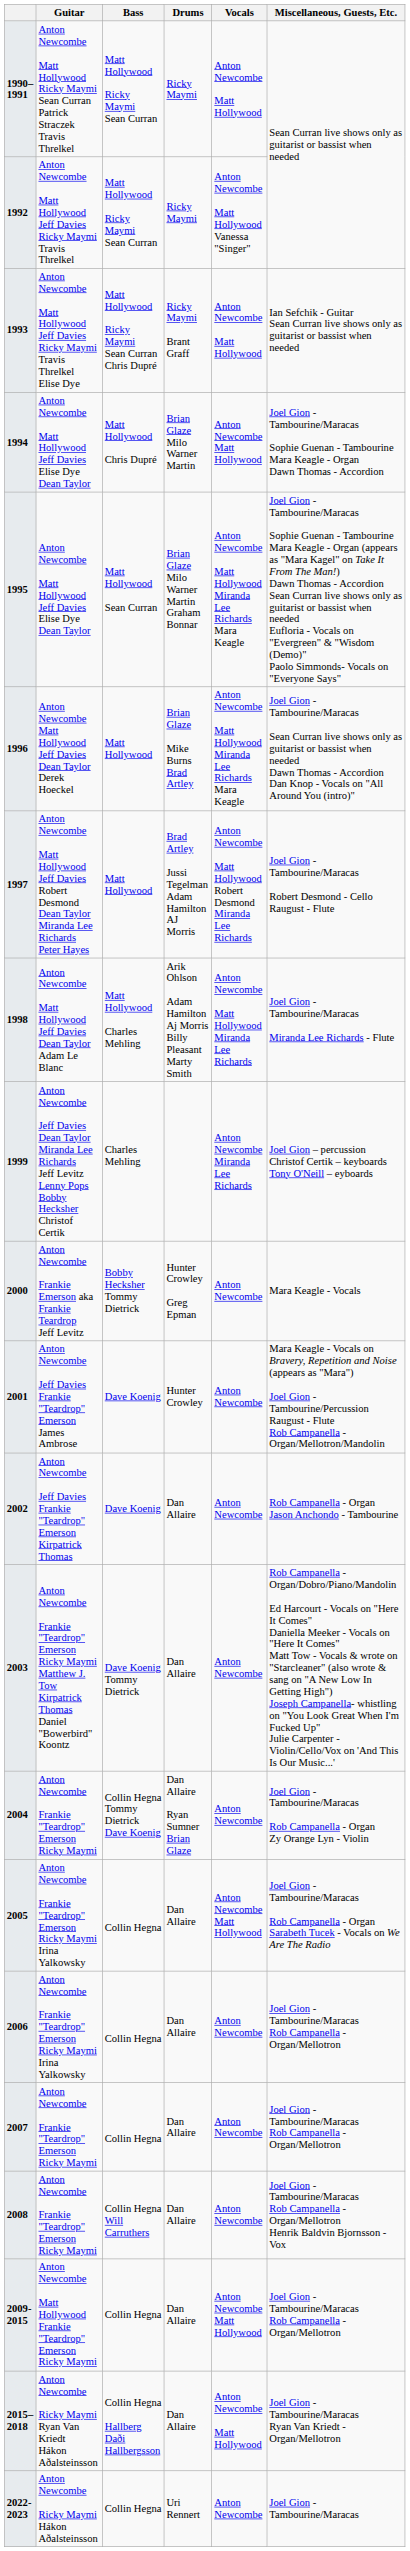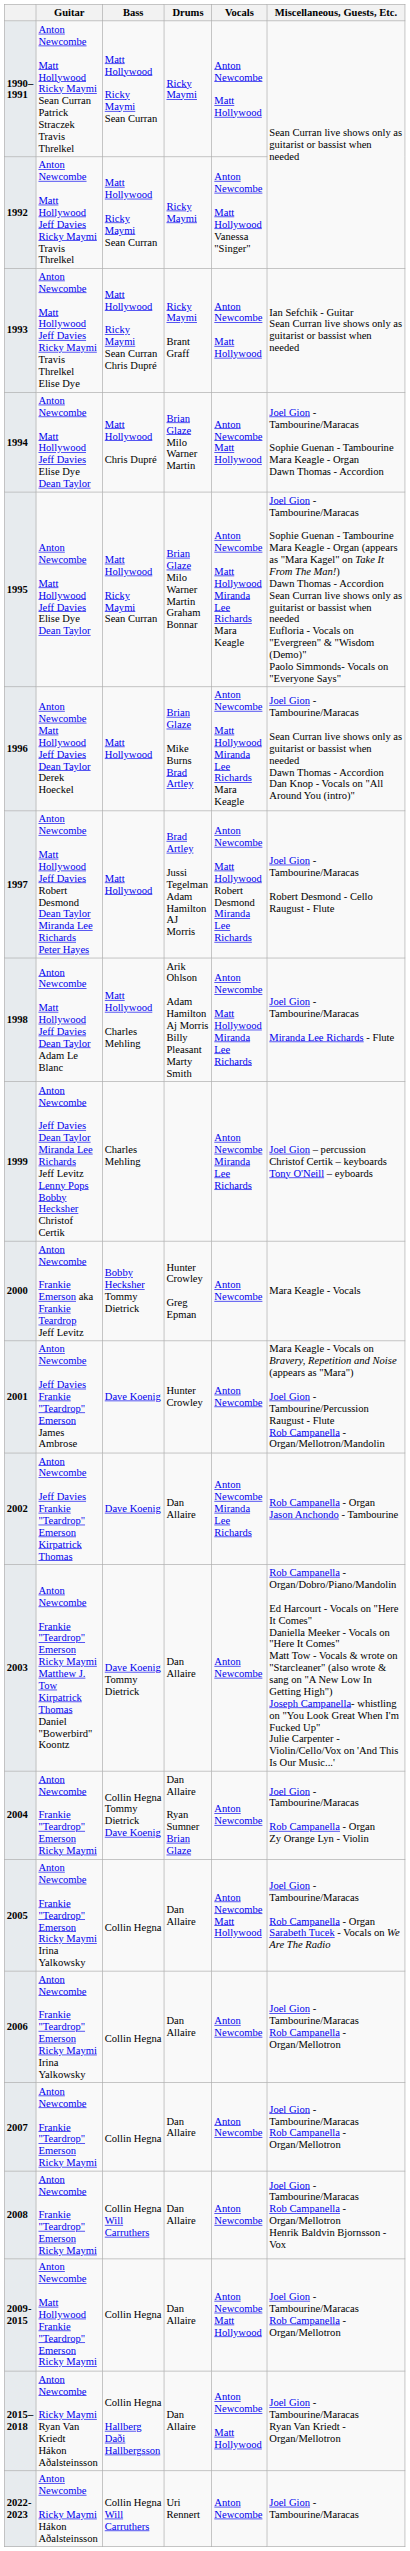 <table class="wikitable">
 <tr>
 <th bgcolor="#E7EBEE"></th>
 <th bgcolor="#E7EBEE">Guitar</th>
 <th bgcolor="#E7EBEE">Bass</th>
 <th bgcolor="#E7EBEE">Drums</th>
 <th bgcolor="#E7EBEE">Vocals</th>
 <th bgcolor="#E7EBEE">Miscellaneous, Guests, Etc.</th>
 </tr>
 <tr>
 <td bgcolor="#E7EBEE"><strong>1990–1991</strong></td>
 <td><a href='#'>Anton Newcombe</a><br><br><a href='#'>Matt Hollywood</a><br> <a href='#'>Ricky Maymi</a><br> Sean Curran<br> Patrick Straczek<br> Travis Threlkel</td>
 <td><a href='#'>Matt Hollywood</a><br><br><a href='#'>Ricky Maymi</a><br> Sean Curran<br></td>
 <td><a href='#'>Ricky Maymi</a></td>
 <td><a href='#'>Anton Newcombe</a><br><br><a href='#'>Matt Hollywood</a></td>
 <td rowspan="2">Sean Curran live shows only as guitarist or bassist when needed</td>
 </tr>
 <tr>
 <td bgcolor="#E7EBEE"><strong>1992</strong></td>
 <td><a href='#'>Anton Newcombe</a><br><br><a href='#'>Matt Hollywood</a><br> <a href='#'>Jeff Davies</a><br> <a href='#'>Ricky Maymi</a><br> Travis Threlkel</td>
 <td><a href='#'>Matt Hollywood</a><br><br><a href='#'>Ricky Maymi</a> <br>Sean Curran<br></td>
 <td><a href='#'>Ricky Maymi</a></td>
 <td><a href='#'>Anton Newcombe</a><br><br><a href='#'>Matt Hollywood</a> Vanessa "Singer"</td>
 </tr>
 <tr>
 <td bgcolor="#E7EBEE"><strong>1993</strong></td>
 <td><a href='#'>Anton Newcombe</a><br><br><a href='#'>Matt Hollywood</a><br> <a href='#'>Jeff Davies</a><br> <a href='#'>Ricky Maymi</a><br> Travis Threlkel<br> Elise Dye</td>
 <td><a href='#'>Matt Hollywood</a><br><br><a href='#'>Ricky Maymi</a><br> Sean Curran<br> Chris Dupré</td>
 <td><a href='#'>Ricky Maymi</a><br><br>Brant Graff</td>
 <td><a href='#'>Anton Newcombe</a><br><br><a href='#'>Matt Hollywood</a></td>
 <td>Ian Sefchik - Guitar<br> Sean Curran live shows only as guitarist or bassist when needed</td>
 </tr>
 <tr>
 <td bgcolor="#E7EBEE"><strong>1994</strong></td>
 <td><a href='#'>Anton Newcombe</a><br><br><a href='#'>Matt Hollywood</a><br> <a href='#'>Jeff Davies</a><br> Elise Dye<br> <a href='#'>Dean Taylor</a></td>
 <td><a href='#'>Matt Hollywood</a><br><br>Chris Dupré</td>
 <td><a href='#'>Brian Glaze</a><br>Milo Warner Martin</td>
 <td><a href='#'>Anton Newcombe</a><br><a href='#'>Matt Hollywood</a><br></td>
 <td><a href='#'>Joel Gion</a> - Tambourine/Maracas<br><br>Sophie Guenan - Tambourine<br> Mara Keagle - Organ<br> Dawn Thomas - Accordion</td>
 </tr>
 <tr>
 <td bgcolor="#E7EBEE"><strong>1995</strong></td>
 <td><a href='#'>Anton Newcombe</a><br><br><a href='#'>Matt Hollywood</a><br> <a href='#'>Jeff Davies</a><br> Elise Dye<br> <a href='#'>Dean Taylor</a><br></td>
-<td><a href='#'>Matt Hollywood</a><br><br>Sean Curran<br></td>
+<td><a href='#'>Matt Hollywood</a><br><br><a href='#'>Ricky Maymi</a> <br>Sean Curran<br></td>
 <td><a href='#'>Brian Glaze</a><br>Milo Warner Martin<br>Graham Bonnar</td>
 <td><a href='#'>Anton Newcombe</a><br><br><a href='#'>Matt Hollywood</a><br> <a href='#'>Miranda Lee Richards</a><br> Mara Keagle</td>
 <td><a href='#'>Joel Gion</a> - Tambourine/Maracas<br><br>Sophie Guenan - Tambourine<br> Mara Keagle - Organ (appears as "Mara Kagel" on <em>Take It From The Man!</em>)<br> Dawn Thomas - Accordion<br> Sean Curran live shows only as guitarist or bassist when needed<br> Eufloria - Vocals on "Evergreen" & "Wisdom (Demo)"<br> Paolo Simmonds- Vocals on "Everyone Says"</td>
 </tr>
 <tr>
 <td bgcolor="#E7EBEE"><strong>1996</strong></td>
 <td><a href='#'>Anton Newcombe</a><br><a href='#'>Matt Hollywood</a><br> <a href='#'>Jeff Davies</a><br> <a href='#'>Dean Taylor</a><br> Derek Hoeckel</td>
 <td><a href='#'>Matt Hollywood</a></td>
 <td><a href='#'>Brian Glaze</a><br><br>Mike Burns<br> <a href='#'>Brad Artley</a></td>
 <td><a href='#'>Anton Newcombe</a><br><br><a href='#'>Matt Hollywood</a><br> <a href='#'>Miranda Lee Richards</a><br> Mara Keagle</td>
 <td><a href='#'>Joel Gion</a> - Tambourine/Maracas<br><br>Sean Curran live shows only as guitarist or bassist when needed<br> Dawn Thomas - Accordion<br> Dan Knop - Vocals on "All Around You (intro)"</td>
 </tr>
 <tr>
 <td bgcolor="#E7EBEE"><strong>1997</strong></td>
 <td><a href='#'>Anton Newcombe</a><br><br><a href='#'>Matt Hollywood</a><br> <a href='#'>Jeff Davies</a><br> Robert Desmond<br> <a href='#'>Dean Taylor</a><br> <a href='#'>Miranda Lee Richards</a><br> <a href='#'>Peter Hayes</a><br></td>
 <td><a href='#'>Matt Hollywood</a></td>
 <td><a href='#'>Brad Artley</a><br><br>Jussi Tegelman<br> Adam Hamilton AJ Morris</td>
 <td><a href='#'>Anton Newcombe</a><br><br><a href='#'>Matt Hollywood</a><br> Robert Desmond<br> <a href='#'>Miranda Lee Richards</a><br></td>
 <td><a href='#'>Joel Gion</a> - Tambourine/Maracas<br><br>Robert Desmond - Cello<br> Raugust - Flute<br></td>
 </tr>
 <tr Christian Omar madrigal izzo. Drums>
 <td bgcolor="#E7EBEE"><strong>1998</strong></td>
 <td><a href='#'>Anton Newcombe</a><br><br><a href='#'>Matt Hollywood</a><br> <a href='#'>Jeff Davies</a><br> <a href='#'>Dean Taylor</a><br> Adam Le Blanc</td>
 <td><a href='#'>Matt Hollywood</a><br><br>Charles Mehling</td>
 <td>Arik Ohlson<br><br>Adam Hamilton<br> Aj Morris<br>  Billy Pleasant<br> Marty Smith<br></td>
 <td><a href='#'>Anton Newcombe</a><br><br><a href='#'>Matt Hollywood</a><br> <a href='#'>Miranda Lee Richards</a></td>
 <td><a href='#'>Joel Gion</a> - Tambourine/Maracas<br><br><a href='#'>Miranda Lee Richards</a> - Flute<br></td>
 </tr>
 <tr>
 <td bgcolor="#E7EBEE"><strong>1999</strong></td>
 <td><a href='#'>Anton Newcombe</a><br><br><a href='#'>Jeff Davies</a><br> <a href='#'>Dean Taylor</a><br> <a href='#'>Miranda Lee Richards</a><br> Jeff Levitz<br> <a href='#'>Lenny Pops</a><br> <a href='#'>Bobby Hecksher</a><br> Christof Certik</td>
 <td>Charles Mehling<br><br></td>
 <td></td>
 <td><a href='#'>Anton Newcombe</a><br><a href='#'>Miranda Lee Richards</a></td>
 <td><a href='#'>Joel Gion</a> – percussion<br>Christof Certik – keyboards<br> <a href='#'>Tony O'Neill</a> – eyboards</td>
 </tr>
 <tr>
 <td bgcolor="#E7EBEE"><strong>2000</strong></td>
 <td><a href='#'>Anton Newcombe</a><br><br><a href='#'>Frankie Emerson</a> aka <a href='#'>Frankie Teardrop</a> <br> Jeff Levitz</td>
 <td><a href='#'>Bobby Hecksher</a><br>Tommy Dietrick<br></td>
 <td>Hunter Crowley<br><br>Greg Epman</td>
 <td><a href='#'>Anton Newcombe</a></td>
 <td>Mara Keagle - Vocals</td>
 </tr>
 <tr>
 <td bgcolor="#E7EBEE"><strong>2001</strong></td>
 <td><a href='#'>Anton Newcombe</a><br><br><a href='#'>Jeff Davies</a><br> <a href='#'>Frankie "Teardrop" Emerson</a><br> James Ambrose</td>
 <td><a href='#'>Dave Koenig</a></td>
 <td>Hunter Crowley</td>
 <td><a href='#'>Anton Newcombe</a></td>
 <td>Mara Keagle - Vocals on <em>Bravery, Repetition and Noise</em> (appears as "Mara")<br><br><a href='#'>Joel Gion</a> - Tambourine/Percussion<br> Raugust - Flute<br> <a href='#'>Rob Campanella</a> - Organ/Mellotron/Mandolin<br></td>
 </tr>
 <tr>
 <td bgcolor="#E7EBEE"><strong>2002</strong></td>
 <td><a href='#'>Anton Newcombe</a><br><br><a href='#'>Jeff Davies</a><br> <a href='#'>Frankie "Teardrop" Emerson</a><br> <a href='#'>Kirpatrick Thomas</a></td>
 <td><a href='#'>Dave Koenig</a></td>
 <td>Dan Allaire</td>
-<td><a href='#'>Anton Newcombe</a></td>
+<td><a href='#'>Anton Newcombe</a><br><a href='#'>Miranda Lee Richards</a></td>
 <td><a href='#'>Rob Campanella</a> - Organ<br><a href='#'>Jason Anchondo</a> - Tambourine</td>
 </tr>
 <tr>
 <td bgcolor="#E7EBEE"><strong>2003</strong></td>
 <td><a href='#'>Anton Newcombe</a><br><br><a href='#'>Frankie "Teardrop" Emerson</a><br> <a href='#'>Ricky Maymi</a><br> <a href='#'>Matthew J. Tow</a><br> <a href='#'>Kirpatrick Thomas</a><br> Daniel "Bowerbird" Koontz <br></td>
 <td><br><br><a href='#'>Dave Koenig</a><br> Tommy Dietrick</td>
 <td>Dan Allaire</td>
 <td><a href='#'>Anton Newcombe</a></td>
 <td><a href='#'>Rob Campanella</a> - Organ/Dobro/Piano/Mandolin<br><br>Ed Harcourt - Vocals on "Here It Comes"<br> Daniella Meeker - Vocals on "Here It Comes"<br> Matt Tow - Vocals & wrote on "Starcleaner" (also wrote & sang on "A New Low In Getting High")<br> <a href='#'>Joseph Campanella</a>- whistling on "You Look Great When I'm Fucked Up"<br> Julie Carpenter - Violin/Cello/Vox on 'And This Is Our Music...'</td>
 </tr>
 <tr>
 <td bgcolor="#E7EBEE"><strong>2004</strong></td>
 <td><a href='#'>Anton Newcombe</a><br><br><a href='#'>Frankie "Teardrop" Emerson</a><br> <a href='#'>Ricky Maymi</a></td>
 <td>Collin Hegna<br>Tommy Dietrick<br><a href='#'>Dave Koenig</a></td>
 <td>Dan Allaire<br><br>Ryan Sumner<br> <a href='#'>Brian Glaze</a></td>
 <td><a href='#'>Anton Newcombe</a></td>
 <td><a href='#'>Joel Gion</a> - Tambourine/Maracas<br><br><a href='#'>Rob Campanella</a> - Organ<br> Zy Orange Lyn - Violin</td>
 </tr>
 <tr>
 <td bgcolor="#E7EBEE"><strong>2005</strong></td>
 <td><a href='#'>Anton Newcombe</a><br><br><a href='#'>Frankie "Teardrop" Emerson</a><br> <a href='#'>Ricky Maymi</a><br> Irina Yalkowsky</td>
 <td><br><br>Collin Hegna</td>
 <td>Dan Allaire</td>
 <td><a href='#'>Anton Newcombe</a><br><a href='#'>Matt Hollywood</a></td>
 <td><a href='#'>Joel Gion</a> - Tambourine/Maracas<br><br><a href='#'>Rob Campanella</a> - Organ<br> <a href='#'>Sarabeth Tucek</a> - Vocals on <em>We Are The Radio</em><br></td>
 </tr>
 <tr>
 <td bgcolor="#E7EBEE"><strong>2006</strong></td>
 <td><a href='#'>Anton Newcombe</a><br><br><a href='#'>Frankie "Teardrop" Emerson</a><br>  <a href='#'>Ricky Maymi</a><br> Irina Yalkowsky</td>
 <td><br><br>Collin Hegna</td>
 <td>Dan Allaire</td>
 <td><a href='#'>Anton Newcombe</a></td>
 <td><a href='#'>Joel Gion</a> - Tambourine/Maracas<br><a href='#'>Rob Campanella</a> - Organ/Mellotron</td>
 </tr>
 <tr>
 <td bgcolor="#E7EBEE"><strong>2007</strong></td>
 <td><a href='#'>Anton Newcombe</a><br><br><a href='#'>Frankie "Teardrop" Emerson</a><br> <a href='#'>Ricky Maymi</a></td>
 <td><br><br>Collin Hegna</td>
 <td>Dan Allaire</td>
 <td><a href='#'>Anton Newcombe</a></td>
 <td><a href='#'>Joel Gion</a> - Tambourine/Maracas<br><a href='#'>Rob Campanella</a> - Organ/Mellotron</td>
 </tr>
 <tr>
 <td bgcolor="#E7EBEE"><strong>2008</strong></td>
 <td><a href='#'>Anton Newcombe</a><br><br><a href='#'>Frankie "Teardrop" Emerson</a><br> <a href='#'>Ricky Maymi</a></td>
 <td><br>Collin Hegna<br><a href='#'>Will Carruthers</a></td>
 <td>Dan Allaire</td>
 <td><a href='#'>Anton Newcombe</a></td>
 <td><a href='#'>Joel Gion</a> - Tambourine/Maracas<br><a href='#'>Rob Campanella</a> - Organ/Mellotron<br> Henrik Baldvin Bjornsson - Vox</td>
 </tr>
 <tr>
 <td bgcolor="#E7EBEE"><strong>2009-2015</strong></td>
 <td><a href='#'>Anton Newcombe</a><br><br><a href='#'>Matt Hollywood</a><br> <a href='#'>Frankie "Teardrop" Emerson</a><br> <a href='#'>Ricky Maymi</a></td>
 <td><br>Collin Hegna<br><br></td>
 <td>Dan Allaire</td>
 <td><a href='#'>Anton Newcombe</a><br><a href='#'>Matt Hollywood</a></td>
 <td><a href='#'>Joel Gion</a> - Tambourine/Maracas<br><a href='#'>Rob Campanella</a> - Organ/Mellotron<br></td>
 </tr>
 <tr>
 <td bgcolor="#E7EBEE"><strong>2015–2018</strong></td>
 <td><a href='#'>Anton Newcombe</a><br><br><a href='#'>Ricky Maymi</a><br> Ryan Van Kriedt<br> Hákon Aðalsteinsson</td>
 <td><br>Collin Hegna<br><br><a href='#'>Hallberg Daði Hallbergsson</a></td>
 <td>Dan Allaire</td>
 <td><a href='#'>Anton Newcombe</a><br><br><a href='#'>Matt Hollywood</a></td>
 <td><a href='#'>Joel Gion</a> - Tambourine/Maracas<br>Ryan Van Kriedt - Organ/Mellotron<br></td>
 </tr>
 <tr>
 <td bgcolor="#E7EBEE"><strong>2022-2023</strong></td>
 <td><a href='#'>Anton Newcombe</a><br><br><a href='#'>Ricky Maymi</a><br> Hákon Aðalsteinsson</td>
-<td><br>Collin Hegna<br><br></td>
+<td><br>Collin Hegna<br><a href='#'>Will Carruthers</a></td>
 <td>Uri Rennert</td>
 <td><a href='#'>Anton Newcombe</a></td>
 <td><a href='#'>Joel Gion</a> - Tambourine/Maracas</td>
 </tr>
 </table>
